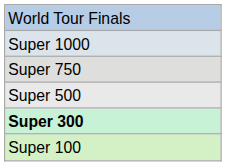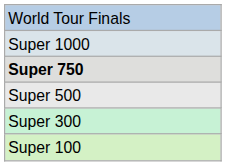 <table class=wikitable style=font-size:80%;width:20%>
 <tr style="background:#b6cde5;">
 <td>World Tour Finals</td>
 </tr>
 <tr style="background:#dae4ea;">
 <td>Super 1000</td>
 </tr>
 <tr style="background:#dededc;">
-<td>Super 750</td>
+<td><strong>Super 750</strong></td>
 </tr>
 <tr style="background:#e9e9e9;">
 <td>Super 500</td>
 </tr>
 <tr style="background:#c7f2d5;">
-<td><strong>Super 300</strong></td>
+<td>Super 300</td>
 </tr>
 <tr style="background:#d4f1c5;">
 <td>Super 100</td>
 </tr>
 </table>
